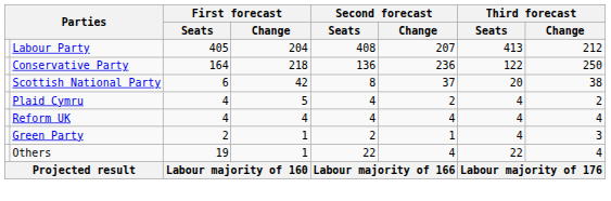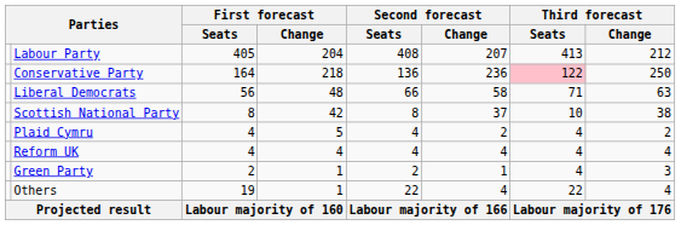 <table class="wikitable">
 <tr>
 <th colspan="2" rowspan="2" style="vertical-align:middle;">Parties</th>
 <th colspan="2" style="vertical-align:middle;">First forecast<br></th>
 <th colspan="2" style="vertical-align:middle;">Second forecast<br></th>
 <th colspan="2" style="vertical-align:middle;">Third forecast<br></th>
 </tr>
 <tr>
 <th style="vertical-align:top;">Seats</th>
 <th style="vertical-align:top;">Change</th>
 <th style="vertical-align:top;">Seats</th>
 <th style="vertical-align:top;">Change</th>
 <th style="vertical-align:top;">Seats</th>
 <th style="vertical-align:top;">Change</th>
 </tr>
 <tr>
 <td style="color:inherit;background:"></td>
 <td><a href='#'>Labour Party</a></td>
 <td style="text-align:right;">405</td>
 <td style="text-align:right;"> 204</td>
 <td style="text-align:right;">408</td>
 <td style="text-align:right;"> 207</td>
 <td style="text-align:right;">413</td>
 <td style="text-align:right;"> 212</td>
 </tr>
 <tr>
 <td style="color:inherit;background:"></td>
 <td><a href='#'>Conservative Party</a></td>
 <td style="text-align:right;">164</td>
 <td style="text-align:right;"> 218</td>
 <td style="text-align:right;">136</td>
 <td style="text-align:right;"> 236</td>
-<td style="text-align:right;">122</td>
+<td style="background: pink; text-align:right;">122</td>
 <td style="text-align:right;"> 250</td>
 </tr>
 <tr>
 <td style="color:inherit;background:"></td>
+<td><a href='#'>Liberal Democrats</a></td>
+<td style="text-align:right;">56</td>
+<td style="text-align:right;"> 48</td>
+<td style="text-align:right;">66</td>
+<td style="text-align:right;"> 58</td>
+<td style="text-align:right;">71</td>
+<td style="text-align:right;"> 63</td>
+</tr>
+<tr>
+<td style="color:inherit;background:"></td>
 <td><a href='#'>Scottish National Party</a></td>
-<td style="text-align:right;">6</td>
+<td style="text-align:right;">8</td>
 <td style="text-align:right;"> 42</td>
 <td style="text-align:right;">8</td>
 <td style="text-align:right;"> 37</td>
-<td style="text-align:right;">20</td>
+<td style="text-align:right;">10</td>
 <td style="text-align:right;"> 38</td>
 </tr>
 <tr>
 <td style="color:inherit;background:"></td>
 <td><a href='#'>Plaid Cymru</a></td>
 <td style="text-align:right;">4</td>
 <td style="text-align:right;"> 5</td>
 <td style="text-align:right;">4</td>
 <td style="text-align:right;"> 2</td>
 <td style="text-align:right;">4</td>
 <td style="text-align:right;"> 2</td>
 </tr>
 <tr>
 <td style="color:inherit;background:"></td>
 <td><a href='#'>Reform UK</a></td>
 <td style="text-align:right;">4</td>
 <td style="text-align:right;"> 4</td>
 <td style="text-align:right;">4</td>
 <td style="text-align:right;"> 4</td>
 <td style="text-align:right;">4</td>
 <td style="text-align:right;"> 4</td>
 </tr>
 <tr>
 <td style="color:inherit;background:"></td>
 <td><a href='#'>Green Party</a></td>
 <td style="text-align:right;">2</td>
 <td style="text-align:right;"> 1</td>
 <td style="text-align:right;">2</td>
 <td style="text-align:right;"> 1</td>
 <td style="text-align:right;">4</td>
 <td style="text-align:right;"> 3</td>
 </tr>
 <tr>
 <td style="color:inherit;background:"></td>
 <td>Others</td>
 <td style="text-align:right;">19</td>
 <td style="text-align:right;"> 1</td>
 <td style="text-align:right;">22</td>
 <td style="text-align:right;"> 4</td>
 <td style="text-align:right;">22</td>
 <td style="text-align:right;"> 4</td>
 </tr>
 <tr style="font-weight:bold;">
 <th colspan="2" style="text-align:center;">Projected result</th>
 <th colspan="2" style="text-align:center; background:"><strong>Labour majority of 160</strong></th>
 <th colspan="2" style="text-align:center; background:"><strong>Labour majority of 166</strong></th>
 <th colspan="2" style="text-align:center; background:"><strong>Labour majority of 176</strong></th>
 </tr>
 </table>
